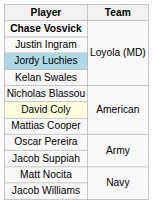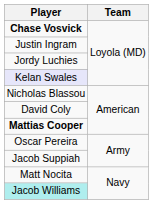 <table class="wikitable" style="text-align: center;">
 <tr>
 <th>Player</th>
 <th>Team</th>
 </tr>
 <tr>
 <td><strong>Chase Vosvick</strong></td>
 <td rowspan=4>Loyola (MD)</td>
 </tr>
 <tr>
 <td>Justin Ingram</td>
 </tr>
 <tr>
-<td style="background: lightblue;">Jordy Luchies</td>
+<td>Jordy Luchies</td>
 </tr>
 <tr>
-<td>Kelan Swales</td>
+<td style="background: lavender;">Kelan Swales</td>
 </tr>
 <tr>
 <td>Nicholas Blassou</td>
 <td rowspan=3>American</td>
 </tr>
 <tr>
-<td style="background: lightyellow;">David Coly</td>
+<td>David Coly</td>
 </tr>
 <tr>
-<td>Mattias Cooper</td>
+<td><strong>Mattias Cooper</strong></td>
 </tr>
 <tr>
 <td>Oscar Pereira</td>
 <td rowspan=2>Army</td>
 </tr>
 <tr>
 <td>Jacob Suppiah</td>
 </tr>
 <tr>
 <td>Matt Nocita</td>
 <td rowspan=2>Navy</td>
 </tr>
 <tr>
-<td>Jacob Williams</td>
+<td style="background: paleturquoise;">Jacob Williams</td>
 </tr>
 </table>
